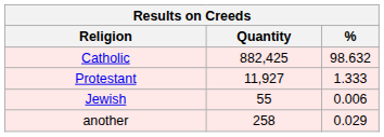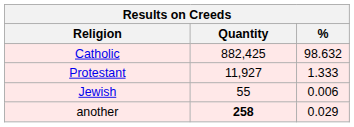 <table class="wikitable" id="cx141" style="text-align:center;clear:all; margin-right:8px; font-size:85%;" width="24%">
 <tr>
 <th colspan="8" id="144">Results on Creeds</th>
 </tr>
 <tr id="146">
 <th id="147" width="35%">Religion</th>
 <th id="149" width="20%">Quantity</th>
 <th id="151" width="5%">%</th>
 </tr>
 <tr bgcolor="#FFE8E8" id="153">
 <td id="154"><a href='#'>Catholic</a></td>
 <td align="center" id="156">882,425</td>
 <td align="center" id="158">98.632</td>
 </tr>
 <tr bgcolor="#FFE8E8" id="160">
 <td id="161"><a href='#'>Protestant</a></td>
 <td align="center" id="163">11,927</td>
 <td align="center" id="165">1.333</td>
 </tr>
 <tr bgcolor="#FFE8E8" id="167">
 <td id="168"><a href='#'>Jewish</a></td>
 <td align="center" id="170">55</td>
 <td align="center" id="172">0.006</td>
 </tr>
 <tr bgcolor="#FFE8E8" id="174">
 <td id="175">another</td>
-<td align="center" id="177">258</td>
+<td align="center" id="177"><strong>258</strong></td>
 <td align="center" id="179">0.029</td>
 </tr>
 </table>
